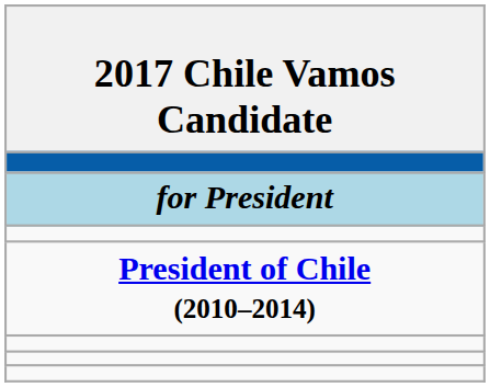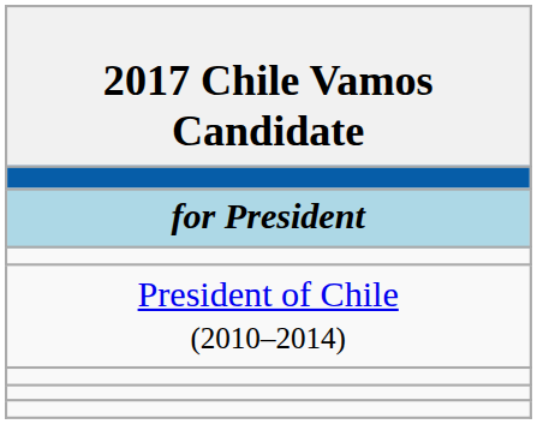 <table class="wikitable" style="font-size:90%; text-align:center;">
 <tr>
 <td colspan="27" style="background:#f1f1f1;"><br><big><strong>2017 Chile Vamos Candidate</strong></big></td>
 </tr>
 <tr>
 <th style=" font-size:135%; background:#065DA8; width:200px;"></th>
 </tr>
 <tr style="color:#000; font-size:100%; background:lightblue;">
 <td style=" width:200px;"><strong><em>for President</em></strong></td>
 </tr>
 <tr>
 <td></td>
 </tr>
 <tr>
-<td><strong><a href='#'>President of Chile</a><br><small>(2010–2014)</small></strong></td>
+<td><a href='#'>President of Chile</a><br><small>(2010–2014)</small></td>
 </tr>
 <tr>
 <td></td>
 </tr>
 <tr>
 <td></td>
 </tr>
 <tr>
 <td></td>
 </tr>
 </table>
